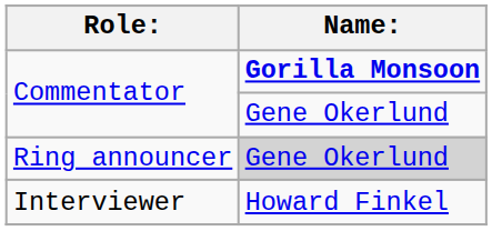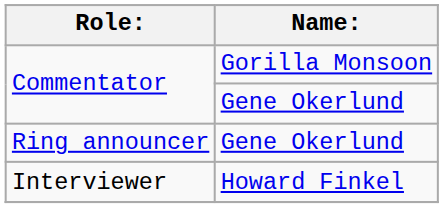 <table class=wikitable style="font-size:90%; margin: 0.5em 0 0.5em 1em; float: right; clear: right;">
 <tr>
 <th>Role:</th>
 <th>Name:</th>
 </tr>
 <tr>
 <td rowspan=2><a href='#'>Commentator</a></td>
-<td><strong><a href='#'>Gorilla Monsoon</a></strong></td>
+<td><a href='#'>Gorilla Monsoon</a></td>
 </tr>
 <tr>
 <td><a href='#'>Gene Okerlund</a></td>
 </tr>
 <tr>
 <td rowspan=1><a href='#'>Ring announcer</a></td>
-<td style="background: lightgrey;"><a href='#'>Gene Okerlund</a></td>
+<td><a href='#'>Gene Okerlund</a></td>
 </tr>
 <tr>
 <td rowspan=1>Interviewer</td>
 <td><a href='#'>Howard Finkel</a></td>
 </tr>
 <tr>
 </tr>
 </table>
